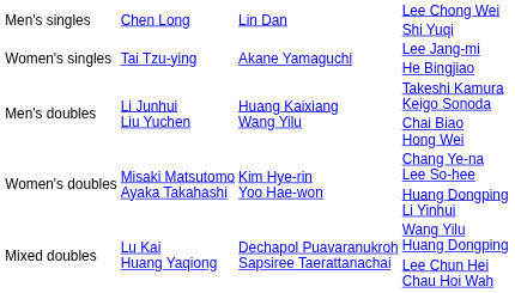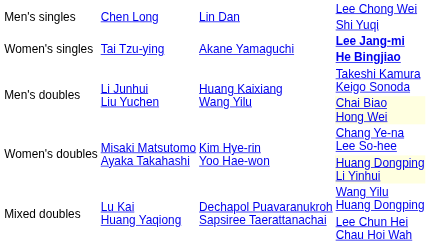 <table>
 <tr>
 <td rowspan=2>Men's singles</td>
 <td rowspan=2> <a href='#'>Chen Long</a></td>
 <td rowspan=2> <a href='#'>Lin Dan</a></td>
 <td> <a href='#'>Lee Chong Wei</a></td>
 </tr>
 <tr>
 <td> <a href='#'>Shi Yuqi</a></td>
 </tr>
 <tr>
 <td rowspan=2>Women's singles</td>
 <td rowspan=2> <a href='#'>Tai Tzu-ying</a></td>
 <td rowspan=2> <a href='#'>Akane Yamaguchi</a></td>
-<td> <a href='#'>Lee Jang-mi</a></td>
+<td><strong> <a href='#'>Lee Jang-mi</a></strong></td>
 </tr>
 <tr>
-<td> <a href='#'>He Bingjiao</a></td>
+<td><strong> <a href='#'>He Bingjiao</a></strong></td>
 </tr>
 <tr>
 <td rowspan=2>Men's doubles</td>
 <td rowspan=2> <a href='#'>Li Junhui</a> <br> <a href='#'>Liu Yuchen</a></td>
 <td rowspan=2> <a href='#'>Huang Kaixiang</a> <br> <a href='#'>Wang Yilu</a></td>
 <td> <a href='#'>Takeshi Kamura</a> <br> <a href='#'>Keigo Sonoda</a></td>
 </tr>
 <tr>
-<td> <a href='#'>Chai Biao</a> <br> <a href='#'>Hong Wei</a></td>
+<td style="background: lightyellow;"> <a href='#'>Chai Biao</a> <br> <a href='#'>Hong Wei</a></td>
 </tr>
 <tr>
 <td rowspan=2>Women's doubles</td>
 <td rowspan=2> <a href='#'>Misaki Matsutomo</a> <br>  <a href='#'>Ayaka Takahashi</a></td>
 <td rowspan=2> <a href='#'>Kim Hye-rin</a> <br>  <a href='#'>Yoo Hae-won</a></td>
 <td> <a href='#'>Chang Ye-na</a> <br> <a href='#'>Lee So-hee</a></td>
 </tr>
 <tr>
-<td> <a href='#'>Huang Dongping</a> <br> <a href='#'>Li Yinhui</a></td>
+<td style="background: lightyellow;"> <a href='#'>Huang Dongping</a> <br> <a href='#'>Li Yinhui</a></td>
 </tr>
 <tr>
 <td rowspan=2>Mixed doubles</td>
 <td rowspan=2> <a href='#'>Lu Kai</a> <br> <a href='#'>Huang Yaqiong</a></td>
 <td rowspan=2> <a href='#'>Dechapol Puavaranukroh</a> <br> <a href='#'>Sapsiree Taerattanachai</a></td>
 <td> <a href='#'>Wang Yilu</a> <br> <a href='#'>Huang Dongping</a></td>
 </tr>
 <tr>
 <td> <a href='#'>Lee Chun Hei</a> <br> <a href='#'>Chau Hoi Wah</a></td>
 </tr>
 <tr>
 </tr>
 </table>
